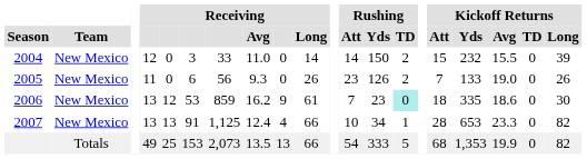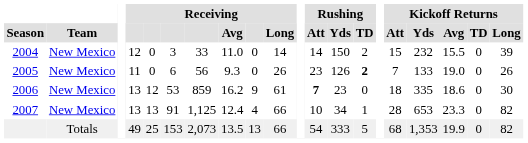 <table border="0" cellpadding="3" cellspacing="0" style="text-align:center">
 <tr style="background:#e0e0e0;">
 <th colspan="2" style="background:White;"> </th>
 <th rowspan="99" style="background:White;"> </th>
 <th colspan="7">Receiving</th>
 <th rowspan="99" style="background:White;"> </th>
 <th colspan="3">Rushing</th>
 <th rowspan="99" style="background:White;"> </th>
 <th colspan="5">Kickoff Returns</th>
 </tr>
 <tr style="background:#e0e0e0;">
 <th>Season</th>
 <th>Team</th>
 <th></th>
 <th></th>
 <th></th>
 <th></th>
 <th>Avg</th>
 <th></th>
 <th>Long</th>
 <th>Att</th>
 <th>Yds</th>
 <th>TD</th>
 <th>Att</th>
 <th>Yds</th>
 <th>Avg</th>
 <th>TD</th>
 <th>Long</th>
 </tr>
 <tr>
 <td><a href='#'>2004</a></td>
 <td><a href='#'>New Mexico</a></td>
 <td>12</td>
 <td>0</td>
 <td>3</td>
 <td>33</td>
 <td>11.0</td>
 <td>0</td>
 <td>14</td>
 <td>14</td>
 <td>150</td>
 <td>2</td>
 <td>15</td>
 <td>232</td>
 <td>15.5</td>
 <td>0</td>
 <td>39</td>
 </tr>
 <tr>
 <td><a href='#'>2005</a></td>
 <td><a href='#'>New Mexico</a></td>
 <td>11</td>
 <td>0</td>
 <td>6</td>
 <td>56</td>
 <td>9.3</td>
 <td>0</td>
 <td>26</td>
 <td>23</td>
 <td>126</td>
-<td>2</td>
+<td><strong>2</strong></td>
 <td>7</td>
 <td>133</td>
 <td>19.0</td>
 <td>0</td>
 <td>26</td>
 </tr>
 <tr>
 <td><a href='#'>2006</a></td>
 <td><a href='#'>New Mexico</a></td>
 <td>13</td>
 <td>12</td>
 <td>53</td>
 <td>859</td>
 <td>16.2</td>
 <td>9</td>
 <td>61</td>
-<td>7</td>
+<td><strong>7</strong></td>
 <td>23</td>
-<td style="background: paleturquoise;">0</td>
+<td>0</td>
 <td>18</td>
 <td>335</td>
 <td>18.6</td>
 <td>0</td>
 <td>30</td>
 </tr>
 <tr>
 <td><a href='#'>2007</a></td>
 <td><a href='#'>New Mexico</a></td>
 <td>13</td>
 <td>13</td>
 <td>91</td>
 <td>1,125</td>
 <td>12.4</td>
 <td>4</td>
 <td>66</td>
 <td>10</td>
 <td>34</td>
 <td>1</td>
 <td>28</td>
 <td>653</td>
 <td>23.3</td>
 <td>0</td>
 <td>82</td>
 </tr>
 <tr style="background:#f0f0f0;">
 <td></td>
 <td>Totals</td>
 <td>49</td>
 <td>25</td>
 <td>153</td>
 <td>2,073</td>
 <td>13.5</td>
 <td>13</td>
 <td>66</td>
 <td>54</td>
 <td>333</td>
 <td>5</td>
 <td>68</td>
 <td>1,353</td>
 <td>19.9</td>
 <td>0</td>
 <td>82</td>
 </tr>
 <tr>
 </tr>
 </table>
